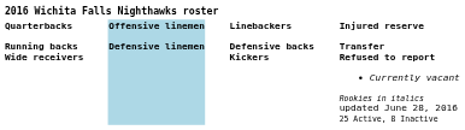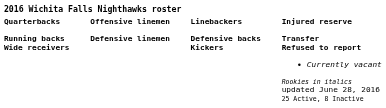 <table class="toccolours" style="text-align: left;">
 <tr>
 <th colspan="7"><strong>2016 Wichita Falls Nighthawks roster</strong></th>
 </tr>
 <tr>
 <td style="font-size: 95%;vertical-align:top;"><strong>Quarterbacks</strong><br> <br><strong>Running backs</strong>  <br><strong>Wide receivers</strong>    </td>
 <td style="width: 25px;"></td>
-<td style="background: lightblue; font-size: 95%;vertical-align:top;"><strong>Offensive linemen</strong><br>    <br><strong>Defensive linemen</strong>    </td>
+<td style="font-size: 95%;vertical-align:top;"><strong>Offensive linemen</strong><br>    <br><strong>Defensive linemen</strong>    </td>
 <td style="width: 25px;"></td>
 <td style="font-size: 95%;vertical-align:top;"><strong>Linebackers</strong><br><br><strong>Defensive backs</strong>      <br><strong>Kickers</strong> </td>
 <td style="width: 25px;"></td>
 <td style="font-size: 95%;vertical-align:top;"><strong>Injured reserve</strong><br>      <br><strong>Transfer</strong> <br><strong>Refused to report</strong><ul><li><em>Currently vacant</em></li></ul><small><em>Rookies in italics</em></small><br>  updated June 28, 2016<br> <small>25 Active, 8 Inactive</small></td>
 </tr>
 <tr>
 </tr>
 </table>
